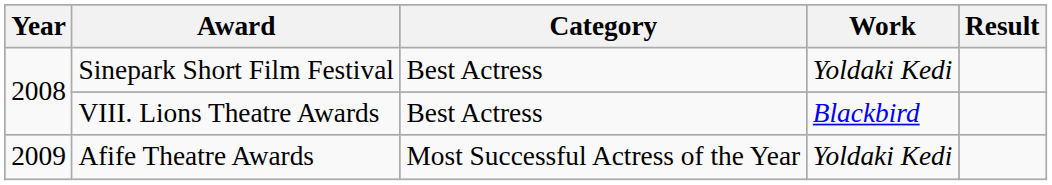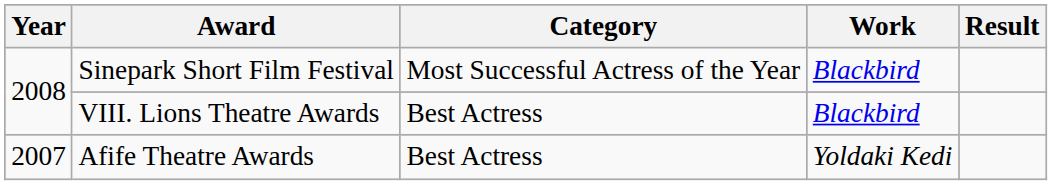 <table class="wikitable">
 <tr>
 <th>Year</th>
 <th>Award</th>
 <th>Category</th>
 <th>Work</th>
 <th>Result</th>
 </tr>
 <tr>
 <td rowspan="2">2008</td>
 <td>Sinepark Short Film Festival</td>
-<td>Best Actress</td>
-<td><em>Yoldaki Kedi</em></td>
+<td>Most Successful Actress of the Year</td>
+<td><em><a href='#'>Blackbird</a></em></td>
 <td></td>
 </tr>
 <tr>
 <td>VIII. Lions Theatre Awards</td>
 <td>Best Actress</td>
 <td><em><a href='#'>Blackbird</a></em></td>
 <td></td>
 </tr>
 <tr>
-<td>2009</td>
+<td>2007</td>
 <td>Afife Theatre Awards</td>
-<td>Most Successful Actress of the Year</td>
+<td>Best Actress</td>
 <td><em>Yoldaki Kedi</em></td>
 <td></td>
 </tr>
 </table>
